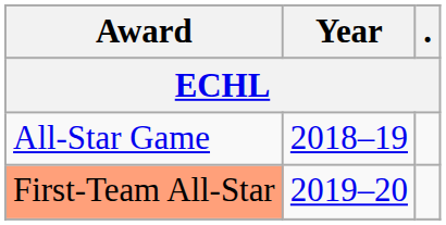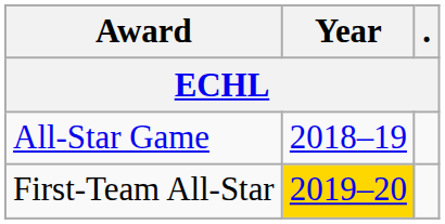 <table class="wikitable">
 <tr>
 <th>Award</th>
 <th>Year</th>
 <th>.</th>
 </tr>
 <tr>
 <th colspan="3"><a href='#'>ECHL</a></th>
 </tr>
 <tr>
 <td><a href='#'>All-Star Game</a></td>
 <td><a href='#'>2018–19</a></td>
 <td></td>
 </tr>
 <tr>
-<td style="background: lightsalmon;">First-Team All-Star</td>
-<td><a href='#'>2019–20</a></td>
+<td>First-Team All-Star</td>
+<td style="background: gold;"><a href='#'>2019–20</a></td>
 <td></td>
 </tr>
 </table>
